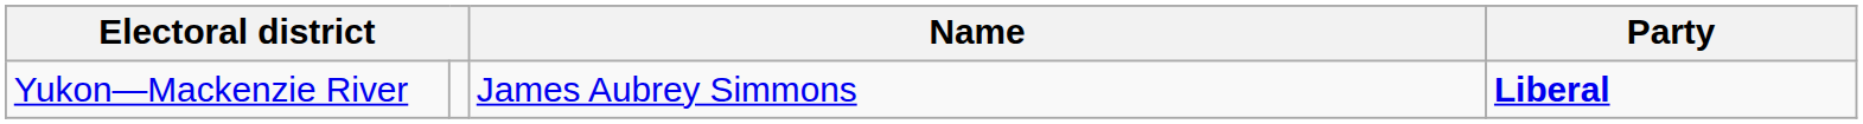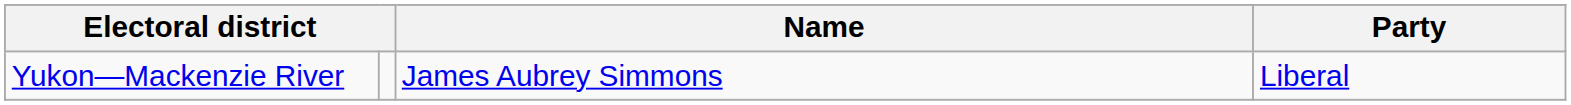 <table class="wikitable" width=95%>
 <tr>
 <th colspan=2 width=25%>Electoral district</th>
 <th>Name</th>
 <th width=20%>Party</th>
 </tr>
 <tr>
 <td width=24%><a href='#'>Yukon—Mackenzie River</a></td>
 <td></td>
 <td><a href='#'>James Aubrey Simmons</a></td>
-<td><strong><a href='#'>Liberal</a></strong></td>
+<td><a href='#'>Liberal</a></td>
 </tr>
 </table>
